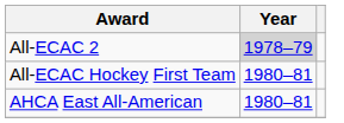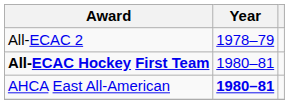 <table class="wikitable">
 <tr>
 <th>Award</th>
 <th>Year</th>
 <th></th>
 </tr>
 <tr>
 <td>All-<a href='#'>ECAC 2</a></td>
-<td style="background: lightgrey;"><a href='#'>1978–79</a></td>
+<td><a href='#'>1978–79</a></td>
 <td></td>
 </tr>
 <tr>
-<td>All-<a href='#'>ECAC Hockey</a> <a href='#'>First Team</a></td>
+<td><strong>All-<a href='#'>ECAC Hockey</a> <a href='#'>First Team</a></strong></td>
 <td><a href='#'>1980–81</a></td>
 <td></td>
 </tr>
 <tr>
 <td><a href='#'>AHCA</a> <a href='#'>East All-American</a></td>
-<td><a href='#'>1980–81</a></td>
+<td><strong><a href='#'>1980–81</a></strong></td>
 <td></td>
 </tr>
 <tr>
 </tr>
 </table>
